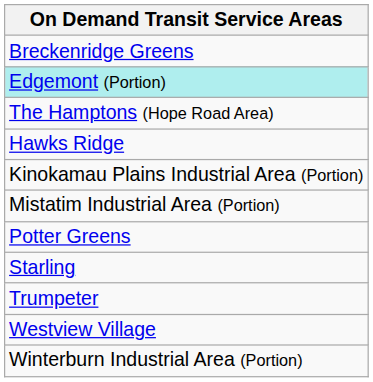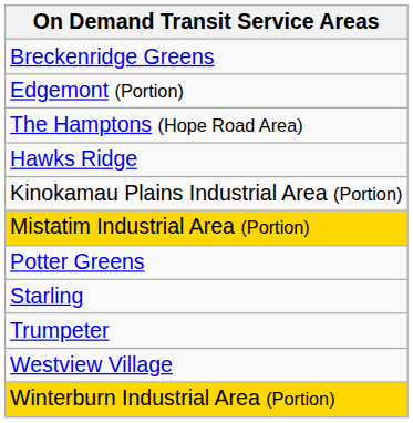 <table class="wikitable mw-collapsible mw-collapsed">
 <tr>
 <th>On Demand Transit Service Areas</th>
 </tr>
 <tr>
 <td><a href='#'>Breckenridge Greens</a></td>
 </tr>
 <tr>
-<td style="background: paleturquoise;"><a href='#'>Edgemont</a> <small>(Portion)</small></td>
+<td><a href='#'>Edgemont</a> <small>(Portion)</small></td>
 </tr>
 <tr>
 <td><a href='#'>The Hamptons</a> <small>(Hope Road Area)</small></td>
 </tr>
 <tr>
 <td><a href='#'>Hawks Ridge</a></td>
 </tr>
 <tr>
 <td>Kinokamau Plains Industrial Area <small>(Portion)</small></td>
 </tr>
 <tr>
-<td>Mistatim Industrial Area <small>(Portion)</small></td>
+<td style="background: gold;">Mistatim Industrial Area <small>(Portion)</small></td>
 </tr>
 <tr>
 <td><a href='#'>Potter Greens</a></td>
 </tr>
 <tr>
 <td><a href='#'>Starling</a></td>
 </tr>
 <tr>
 <td><a href='#'>Trumpeter</a></td>
 </tr>
 <tr>
 <td><a href='#'>Westview Village</a></td>
 </tr>
 <tr>
-<td>Winterburn Industrial Area <small>(Portion)</small></td>
+<td style="background: gold;">Winterburn Industrial Area <small>(Portion)</small></td>
 </tr>
 </table>
